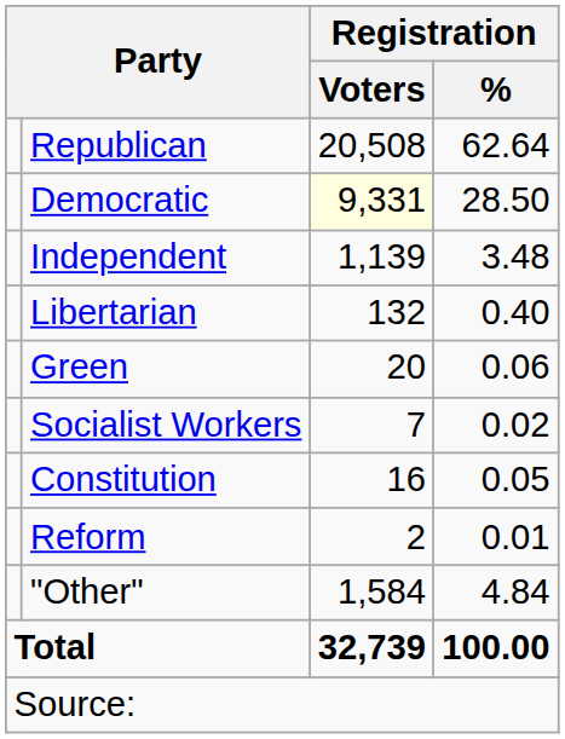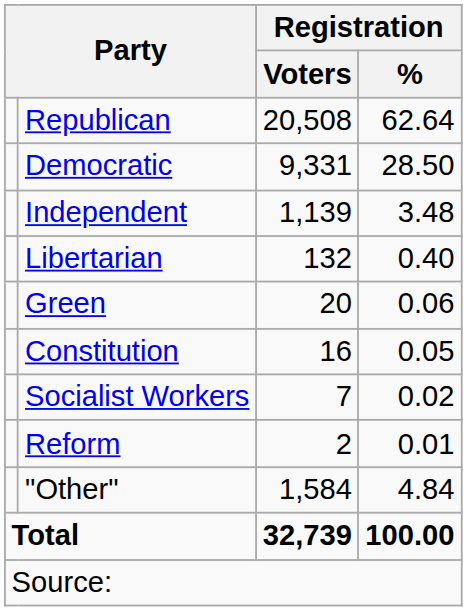 <table class="wikitable">
 <tr>
 <th colspan="2" rowspan="2">Party</th>
 <th colspan="2">Registration</th>
 </tr>
 <tr>
 <th>Voters</th>
 <th>%</th>
 </tr>
 <tr>
 <td style="background-color:"></td>
 <td><a href='#'>Republican</a></td>
 <td style="text-align:right;">20,508</td>
 <td style="text-align:right;">62.64</td>
 </tr>
 <tr>
 <td style="background-color:"></td>
 <td><a href='#'>Democratic</a></td>
-<td style="background: lightyellow; text-align:right;">9,331</td>
+<td style="text-align:right;">9,331</td>
 <td style="text-align:right;">28.50</td>
 </tr>
 <tr>
 <td style="background-color:"></td>
 <td><a href='#'>Independent</a></td>
 <td style="text-align:right;">1,139</td>
 <td style="text-align:right;">3.48</td>
 </tr>
 <tr>
 <td style="background-color:"></td>
 <td><a href='#'>Libertarian</a></td>
 <td style="text-align:right;">132</td>
 <td style="text-align:right;">0.40</td>
 </tr>
 <tr>
 <td style="background-color:"></td>
 <td><a href='#'>Green</a></td>
 <td style="text-align:right;">20</td>
 <td style="text-align:right;">0.06</td>
 </tr>
 <tr>
 <td style="background-color:"></td>
+<td><a href='#'>Constitution</a></td>
+<td style="text-align:right;">16</td>
+<td style="text-align:right;">0.05</td>
+</tr>
+<tr>
+<td style="background-color:"></td>
 <td><a href='#'>Socialist Workers</a></td>
 <td style="text-align:right;">7</td>
 <td style="text-align:right;">0.02</td>
-</tr>
-<tr>
-<td style="background-color:"></td>
-<td><a href='#'>Constitution</a></td>
-<td style="text-align:right;">16</td>
-<td style="text-align:right;">0.05</td>
 </tr>
 <tr>
 <td style="background-color:"></td>
 <td><a href='#'>Reform</a></td>
 <td style="text-align:right;">2</td>
 <td style="text-align:right;">0.01</td>
 </tr>
 <tr>
 <td></td>
 <td>"Other"</td>
 <td style="text-align:right;">1,584</td>
 <td style="text-align:right;">4.84</td>
 </tr>
 <tr>
 <td colspan="2"><strong>Total</strong></td>
 <td style="text-align:right;"><strong>32,739</strong></td>
 <td style="text-align:right;"><strong>100.00</strong></td>
 </tr>
 <tr>
 <td colspan="4">Source: <em></em></td>
 </tr>
 </table>
